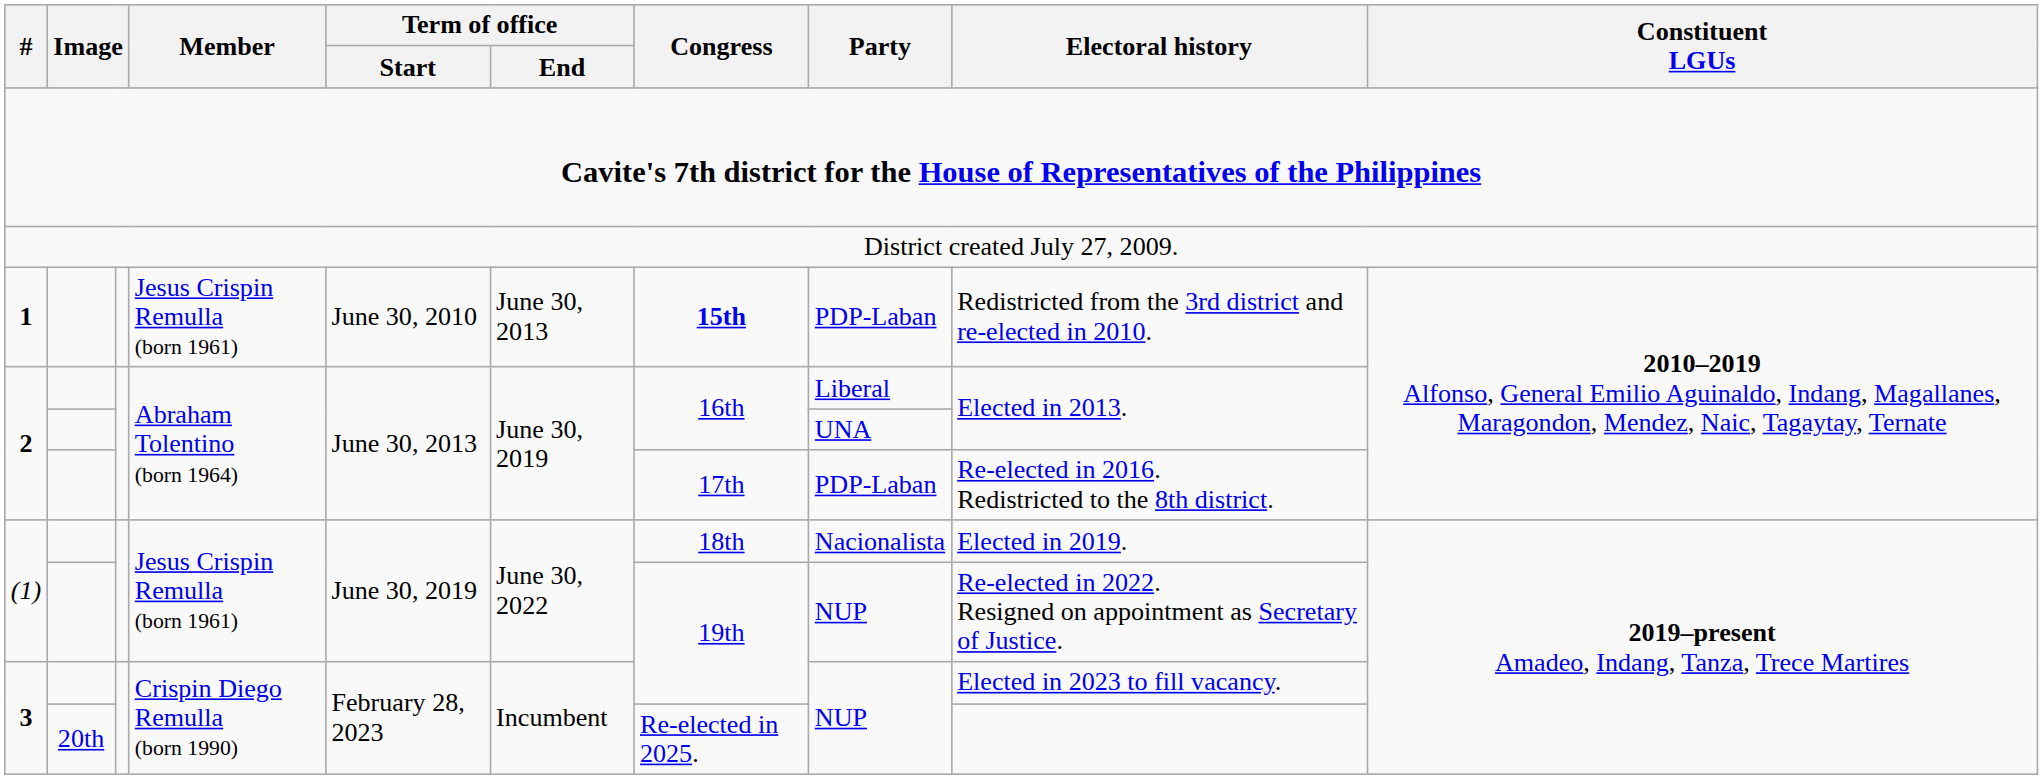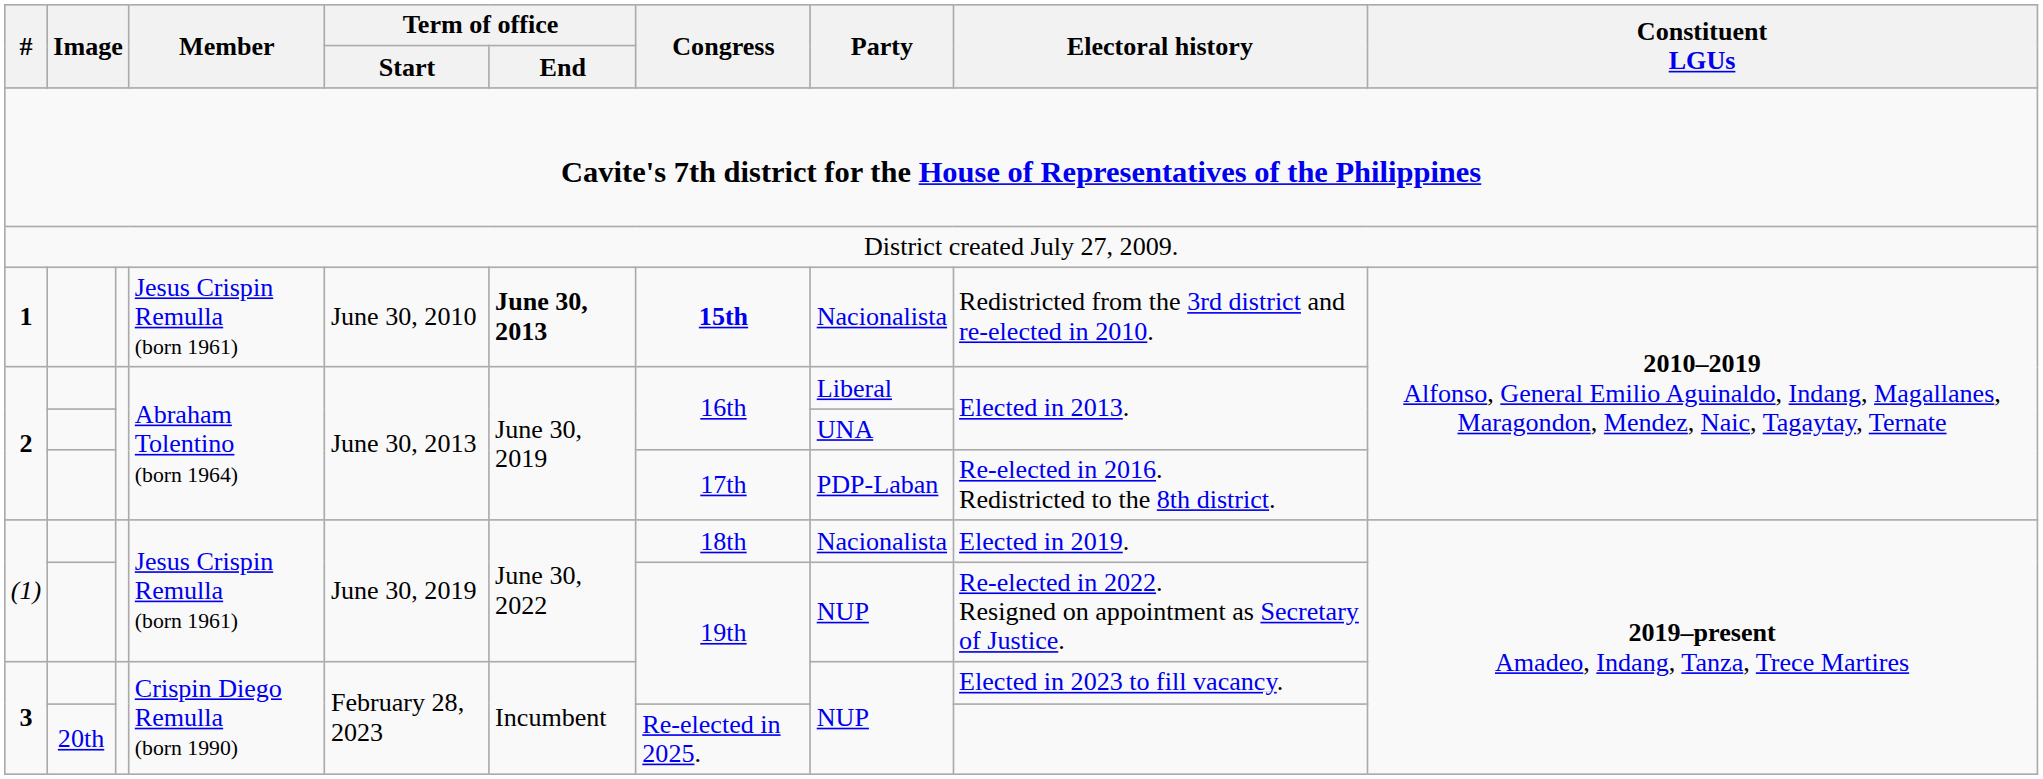 <table class="wikitable">
 <tr>
 <th rowspan="2">#</th>
 <th rowspan="2" colspan="2">Image</th>
 <th rowspan="2">Member</th>
 <th colspan="2">Term of office</th>
 <th rowspan="2">Congress</th>
 <th rowspan="2">Party</th>
 <th rowspan="2">Electoral history</th>
 <th rowspan="2" width="33%">Constituent<br><a href='#'>LGUs</a></th>
 </tr>
 <tr>
 <th>Start</th>
 <th>End</th>
 </tr>
 <tr>
 <td colspan="10" style="text-align:center;"><br><h3>Cavite's 7th district for the <a href='#'>House of Representatives of the Philippines</a></h3></td>
 </tr>
 <tr>
 <td colspan="10" style="text-align:center;">District created July 27, 2009.</td>
 </tr>
 <tr>
 <td style="text-align:center;"><strong>1</strong></td>
 <td style="color:inherit;background:"></td>
 <td></td>
 <td><a href='#'>Jesus Crispin Remulla</a><br><small>(born 1961)</small></td>
 <td>June 30, 2010</td>
-<td>June 30, 2013</td>
+<td><strong>June 30, 2013</strong></td>
 <td style="text-align:center;"><strong><a href='#'>15th</a></strong></td>
-<td><a href='#'>PDP-Laban</a></td>
+<td><a href='#'>Nacionalista</a></td>
 <td>Redistricted from the <a href='#'>3rd district</a> and <a href='#'>re-elected in 2010</a>.</td>
 <td rowspan="4" style="text-align:center;"><strong>2010–2019</strong><br><a href='#'>Alfonso</a>, <a href='#'>General Emilio Aguinaldo</a>, <a href='#'>Indang</a>, <a href='#'>Magallanes</a>, <a href='#'>Maragondon</a>, <a href='#'>Mendez</a>, <a href='#'>Naic</a>, <a href='#'>Tagaytay</a>, <a href='#'>Ternate</a></td>
 </tr>
 <tr>
 <td style="text-align:center;" rowspan="3"><strong>2</strong></td>
 <td style="color:inherit;background:"></td>
 <td rowspan="3"></td>
 <td rowspan="3"><a href='#'>Abraham Tolentino</a><br><small>(born 1964)</small></td>
 <td rowspan="3">June 30, 2013</td>
 <td rowspan="3">June 30, 2019</td>
 <td style="text-align:center;" rowspan="2"><a href='#'>16th</a></td>
 <td><a href='#'>Liberal</a></td>
 <td rowspan="2"><a href='#'>Elected in 2013</a>.</td>
 </tr>
 <tr>
 <td style="color:inherit;background:"></td>
 <td><a href='#'>UNA</a></td>
 </tr>
 <tr>
 <td style="color:inherit;background:"></td>
 <td style="text-align:center;"><a href='#'>17th</a></td>
 <td><a href='#'>PDP-Laban</a></td>
 <td><a href='#'>Re-elected in 2016</a>.<br>Redistricted to the <a href='#'>8th district</a>.</td>
 </tr>
 <tr>
 <td style="text-align:center;" rowspan="2"><em>(1)</em></td>
 <td style="color:inherit;background:"></td>
 <td rowspan="2"></td>
 <td rowspan="2"><a href='#'>Jesus Crispin Remulla</a><br><small>(born 1961)</small></td>
 <td rowspan="2">June 30, 2019</td>
 <td rowspan="2">June 30, 2022</td>
 <td style="text-align:center;"><a href='#'>18th</a></td>
 <td><a href='#'>Nacionalista</a></td>
 <td><a href='#'>Elected in 2019</a>.</td>
 <td rowspan="4" style="text-align:center;"><strong>2019–present</strong><br><a href='#'>Amadeo</a>, <a href='#'>Indang</a>, <a href='#'>Tanza</a>, <a href='#'>Trece Martires</a></td>
 </tr>
 <tr>
 <td style="color:inherit;background:"></td>
 <td style="text-align:center;" rowspan="2"><a href='#'>19th</a></td>
 <td><a href='#'>NUP</a></td>
 <td><a href='#'>Re-elected in 2022</a>.<br>Resigned on appointment as <a href='#'>Secretary of Justice</a>.</td>
 </tr>
 <tr>
 <td style="text-align:center;" rowspan="2"><strong>3</strong></td>
 <td style="color:inherit;background:"></td>
 <td rowspan="2"></td>
 <td rowspan="2"><a href='#'>Crispin Diego Remulla</a><br><small>(born 1990)</small></td>
 <td rowspan="2">February 28, 2023</td>
 <td rowspan="2">Incumbent</td>
 <td rowspan="2"><a href='#'>NUP</a></td>
 <td><a href='#'>Elected in 2023 to fill vacancy</a>.</td>
 </tr>
 <tr>
 <td style="text-align:center;"><a href='#'>20th</a></td>
 <td><a href='#'>Re-elected in 2025</a>.</td>
 </tr>
 </table>
